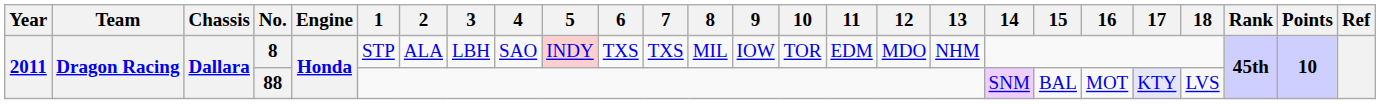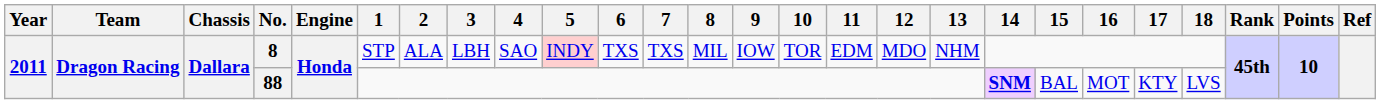 <table class="wikitable" style="text-align:center; font-size:85%">
 <tr>
 <th>Year</th>
 <th>Team</th>
 <th>Chassis</th>
 <th>No.</th>
 <th>Engine</th>
 <th>1</th>
 <th>2</th>
 <th>3</th>
 <th>4</th>
 <th>5</th>
 <th>6</th>
 <th>7</th>
 <th>8</th>
 <th>9</th>
 <th>10</th>
 <th>11</th>
 <th>12</th>
 <th>13</th>
 <th>14</th>
 <th>15</th>
 <th>16</th>
 <th>17</th>
 <th>18</th>
 <th>Rank</th>
 <th>Points</th>
 <th>Ref</th>
 </tr>
 <tr>
 <th rowspan=2><a href='#'>2011</a></th>
 <th rowspan=2 nowrap><a href='#'>Dragon Racing</a></th>
 <th rowspan=2><a href='#'>Dallara</a></th>
 <th>8</th>
 <th rowspan=2><a href='#'>Honda</a></th>
 <td><a href='#'>STP</a></td>
 <td><a href='#'>ALA</a></td>
 <td><a href='#'>LBH</a></td>
 <td><a href='#'>SAO</a></td>
 <td style="background:#FFCFCF;"><a href='#'>INDY</a><br></td>
 <td><a href='#'>TXS</a></td>
 <td><a href='#'>TXS</a></td>
 <td><a href='#'>MIL</a></td>
 <td><a href='#'>IOW</a></td>
 <td><a href='#'>TOR</a></td>
 <td><a href='#'>EDM</a></td>
 <td><a href='#'>MDO</a></td>
 <td><a href='#'>NHM</a></td>
 <td colspan=5></td>
 <th rowspan=2 style="background:#CFCFFF;">45th</th>
 <th rowspan=2 style="background:#CFCFFF;">10</th>
 <th rowspan=2></th>
 </tr>
 <tr>
 <th>88</th>
 <td colspan=13></td>
-<td style="background:#EFCFFF;"><a href='#'>SNM</a><br></td>
+<td style="background:#EFCFFF;"><strong><a href='#'>SNM</a><br></strong></td>
 <td><a href='#'>BAL</a></td>
 <td><a href='#'>MOT</a></td>
-<td style="background: lavender;"><a href='#'>KTY</a></td>
+<td><a href='#'>KTY</a></td>
 <td><a href='#'>LVS</a></td>
 </tr>
 </table>
